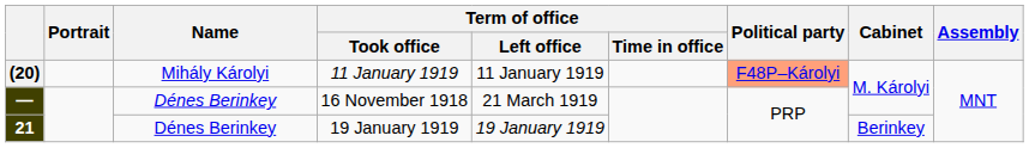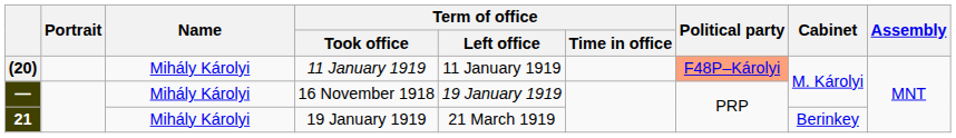 <table class="wikitable" style="text-align:center;">
 <tr>
 <th rowspan=2></th>
 <th rowspan=2>Portrait</th>
 <th width=20% rowspan=2>Name<br></th>
 <th colspan=3>Term of office</th>
 <th rowspan=2>Political party</th>
 <th rowspan=2>Cabinet</th>
 <th rowspan=2><a href='#'>Assembly</a><br></th>
 </tr>
 <tr>
 <th>Took office</th>
 <th>Left office</th>
 <th>Time in office</th>
 </tr>
 <tr>
 <th style="background:">(20)</th>
 <td></td>
 <td><a href='#'>Mihály Károlyi</a><br></td>
 <td><em>11 January 1919</em></td>
 <td>11 January 1919</td>
 <td></td>
 <td style="background: lightsalmon;"><a href='#'>F48P–Károlyi</a></td>
 <td rowspan=2><a href='#'>M. Károlyi</a><br></td>
 <td rowspan=3><a href='#'>MNT </a></td>
 </tr>
 <tr>
 <th style="background:#404000; color:white;">—</th>
 <td rowspan=2></td>
-<td><em><a href='#'>Dénes Berinkey</a></em><br></td>
+<td><a href='#'>Mihály Károlyi</a><br></td>
 <td>16 November 1918</td>
-<td>21 March 1919</td>
+<td><em>19 January 1919</em></td>
 <td rowspan=2></td>
 <td rowspan=2>PRP</td>
 </tr>
 <tr>
 <th style="background:#404000; color:white;">21</th>
-<td><a href='#'>Dénes Berinkey</a><br></td>
+<td><a href='#'>Mihály Károlyi</a><br></td>
 <td>19 January 1919</td>
-<td><em>19 January 1919</em></td>
+<td>21 March 1919</td>
 <td><a href='#'>Berinkey</a><br></td>
 </tr>
 </table>
